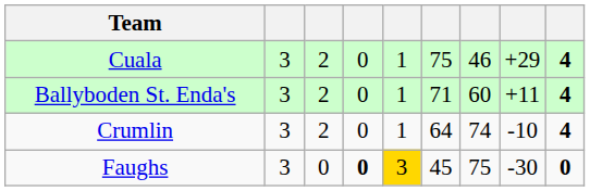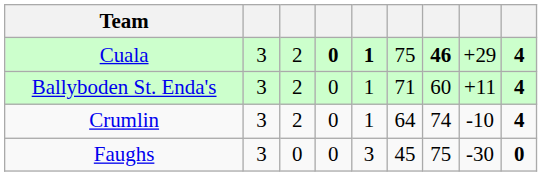 <table class="wikitable" style="text-align:center">
 <tr>
 <th style="width:175px;">Team</th>
 <th width="20"></th>
 <th width="20"></th>
 <th width="20"></th>
 <th width="20"></th>
 <th width="20"></th>
 <th width="20"></th>
 <th width="20"></th>
 <th width="20"></th>
 </tr>
 <tr style="background:#cfc;">
 <td><a href='#'>Cuala</a></td>
 <td>3</td>
 <td>2</td>
-<td>0</td>
-<td>1</td>
+<td><strong>0</strong></td>
+<td><strong>1</strong></td>
 <td>75</td>
-<td>46</td>
+<td><strong>46</strong></td>
 <td>+29</td>
 <td><strong>4</strong></td>
 </tr>
 <tr style="background:#cfc;">
 <td><a href='#'>Ballyboden St. Enda's</a></td>
 <td>3</td>
 <td>2</td>
 <td>0</td>
 <td>1</td>
 <td>71</td>
 <td>60</td>
 <td>+11</td>
 <td><strong>4</strong></td>
 </tr>
 <tr>
 <td><a href='#'>Crumlin</a></td>
 <td>3</td>
 <td>2</td>
 <td>0</td>
 <td>1</td>
 <td>64</td>
 <td>74</td>
 <td>-10</td>
 <td><strong>4</strong></td>
 </tr>
 <tr>
 <td><a href='#'>Faughs</a></td>
 <td>3</td>
 <td>0</td>
-<td><strong>0</strong></td>
-<td style="background: gold;">3</td>
+<td>0</td>
+<td>3</td>
 <td>45</td>
 <td>75</td>
 <td>-30</td>
 <td><strong>0</strong></td>
 </tr>
 </table>
